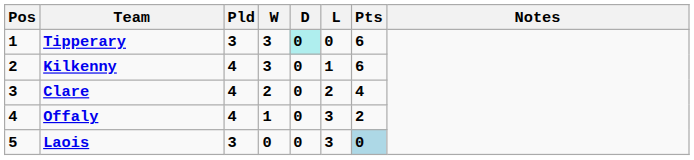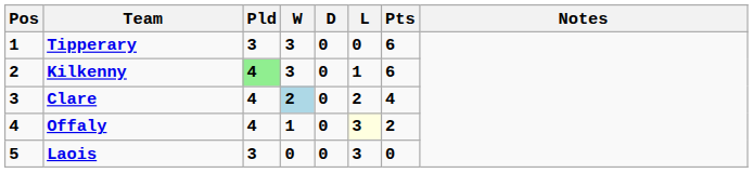 <table class="wikitable" style="text-align: centre;">
 <tr>
 <th width=20>Pos</th>
 <th width=150>Team</th>
 <th width=20>Pld</th>
 <th width=20>W</th>
 <th width=20>D</th>
 <th width=20>L</th>
 <th width=20>Pts</th>
 <th width=250>Notes</th>
 </tr>
 <tr>
 <td><strong>1</strong></td>
 <td align=left><strong> <a href='#'>Tipperary</a> </strong></td>
 <td><strong>3</strong></td>
 <td><strong>3</strong></td>
-<td style="background: paleturquoise;"><strong>0</strong></td>
+<td><strong>0</strong></td>
 <td><strong>0</strong></td>
 <td><strong>6</strong></td>
 </tr>
 <tr>
 <td><strong>2</strong></td>
 <td align=left><strong> <a href='#'>Kilkenny</a> </strong></td>
-<td><strong>4</strong></td>
+<td style="background: lightgreen;"><strong>4</strong></td>
 <td><strong>3</strong></td>
 <td><strong>0</strong></td>
 <td><strong>1</strong></td>
 <td><strong>6</strong></td>
 </tr>
 <tr>
 <td><strong>3</strong></td>
 <td align=left><strong> <a href='#'>Clare</a> </strong></td>
 <td><strong>4</strong></td>
-<td><strong>2</strong></td>
+<td style="background: lightblue;"><strong>2</strong></td>
 <td><strong>0</strong></td>
 <td><strong>2</strong></td>
 <td><strong>4</strong></td>
 </tr>
 <tr>
 <td><strong>4</strong></td>
 <td align=left><strong> <a href='#'>Offaly</a> </strong></td>
 <td><strong>4</strong></td>
 <td><strong>1</strong></td>
 <td><strong>0</strong></td>
-<td><strong>3</strong></td>
+<td style="background: lightyellow;"><strong>3</strong></td>
 <td><strong>2</strong></td>
 </tr>
 <tr>
 <td><strong>5</strong></td>
 <td align=left><strong> <a href='#'>Laois</a> </strong></td>
 <td><strong>3</strong></td>
 <td><strong>0</strong></td>
 <td><strong>0</strong></td>
 <td><strong>3</strong></td>
-<td style="background: lightblue;"><strong>0</strong></td>
+<td><strong>0</strong></td>
 </tr>
 </table>
